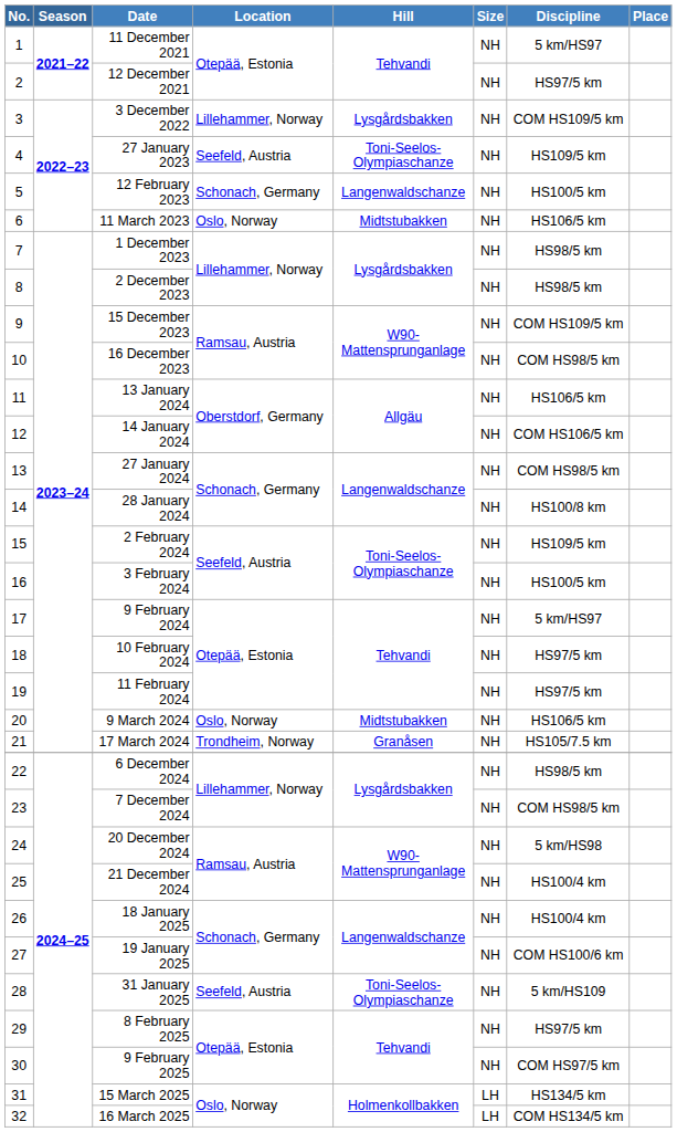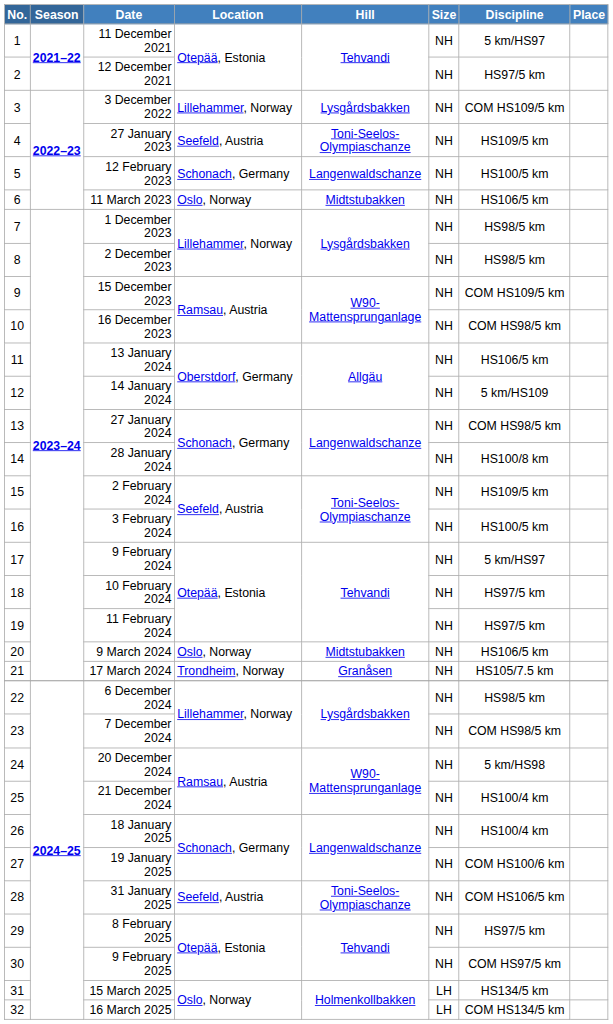 <table class="wikitable sortable" style="font-size:95%; text-align:center; border:grey solid 1px; border-collapse:collapse; background:#ffffff;">
 <tr style="background:#efefef;">
 <th style="background-color:#369; color:white;">No.</th>
 <th style="background-color:#369; color:white;">Season</th>
 <th style="background-color:#4180be; color:white; width:105px;">Date</th>
 <th style="background-color:#4180be; color:white; width:150px;">Location</th>
 <th style="background-color:#4180be; color:white; width:150px;">Hill</th>
 <th style="background-color:#4180be; color:white;">Size</th>
 <th style="background-color:#4180be; color:white; width:130px;">Discipline</th>
 <th style="background-color:#4180be; color:white;">Place</th>
 </tr>
 <tr>
 <td align=center>1</td>
 <td align=center rowspan="2"><strong><a href='#'>2021–22</a></strong></td>
 <td align=right>11 December 2021</td>
 <td align=left rowspan="2"> <a href='#'>Otepää</a>, Estonia</td>
 <td rowspan="2"><a href='#'>Tehvandi</a></td>
 <td>NH</td>
 <td>5 km/HS97</td>
 <td></td>
 </tr>
 <tr>
 <td align=center>2</td>
 <td align=right>12 December 2021</td>
 <td>NH</td>
 <td>HS97/5 km</td>
 <td></td>
 </tr>
 <tr>
 <td align=center>3</td>
 <td align=center rowspan="4"><strong><a href='#'>2022–23</a></strong></td>
 <td align=right>3 December 2022</td>
 <td align=left> <a href='#'>Lillehammer</a>, Norway</td>
 <td><a href='#'>Lysgårdsbakken</a></td>
 <td>NH</td>
 <td>COM HS109/5 km</td>
 <td></td>
 </tr>
 <tr>
 <td align=center>4</td>
 <td align=right>27 January 2023</td>
 <td align=left> <a href='#'>Seefeld</a>, Austria</td>
 <td><a href='#'>Toni-Seelos-Olympiaschanze</a></td>
 <td>NH</td>
 <td>HS109/5 km</td>
 <td></td>
 </tr>
 <tr>
 <td align=center>5</td>
 <td align=right>12 February 2023</td>
 <td align=left> <a href='#'>Schonach</a>, Germany</td>
 <td><a href='#'>Langenwaldschanze</a></td>
 <td>NH</td>
 <td>HS100/5 km</td>
 <td></td>
 </tr>
 <tr>
 <td align=center>6</td>
 <td align=right>11 March 2023</td>
 <td align=left> <a href='#'>Oslo</a>, Norway</td>
 <td><a href='#'>Midtstubakken</a></td>
 <td>NH</td>
 <td>HS106/5 km</td>
 <td></td>
 </tr>
 <tr>
 <td align=center>7</td>
 <td align=center rowspan="15"><strong><a href='#'>2023–24</a></strong></td>
 <td align=right>1 December 2023</td>
 <td align=left rowspan="2"> <a href='#'>Lillehammer</a>, Norway</td>
 <td rowspan="2"><a href='#'>Lysgårdsbakken</a></td>
 <td>NH</td>
 <td>HS98/5 km</td>
 <td></td>
 </tr>
 <tr>
 <td align=center>8</td>
 <td align=right>2 December 2023</td>
 <td>NH</td>
 <td>HS98/5 km</td>
 <td></td>
 </tr>
 <tr>
 <td align=center>9</td>
 <td align=right>15 December 2023</td>
 <td align=left rowspan="2"> <a href='#'>Ramsau</a>, Austria</td>
 <td rowspan="2"><a href='#'>W90-Mattensprunganlage</a></td>
 <td>NH</td>
 <td>COM HS109/5 km</td>
 <td></td>
 </tr>
 <tr>
 <td align=center>10</td>
 <td align=right>16 December 2023</td>
 <td>NH</td>
 <td>COM HS98/5 km</td>
 <td></td>
 </tr>
 <tr>
 <td align=center>11</td>
 <td align=right>13 January 2024</td>
 <td align=left rowspan="2"> <a href='#'>Oberstdorf</a>, Germany</td>
 <td rowspan="2"><a href='#'>Allgäu</a></td>
 <td>NH</td>
 <td>HS106/5 km</td>
 <td></td>
 </tr>
 <tr>
 <td align=center>12</td>
 <td align=right>14 January 2024</td>
 <td>NH</td>
-<td>COM HS106/5 km</td>
+<td>5 km/HS109</td>
 <td></td>
 </tr>
 <tr>
 <td align=center>13</td>
 <td align=right>27 January 2024</td>
 <td align=left rowspan="2"> <a href='#'>Schonach</a>, Germany</td>
 <td rowspan="2"><a href='#'>Langenwaldschanze</a></td>
 <td>NH</td>
 <td>COM HS98/5 km</td>
 <td></td>
 </tr>
 <tr>
 <td align=center>14</td>
 <td align=right>28 January 2024</td>
 <td>NH</td>
 <td>HS100/8 km</td>
 <td></td>
 </tr>
 <tr>
 <td align=center>15</td>
 <td align=right>2 February 2024</td>
 <td align=left rowspan="2"> <a href='#'>Seefeld</a>, Austria</td>
 <td rowspan="2"><a href='#'>Toni-Seelos-Olympiaschanze</a></td>
 <td>NH</td>
 <td>HS109/5 km</td>
 <td></td>
 </tr>
 <tr>
 <td align=center>16</td>
 <td align=right>3 February 2024</td>
 <td>NH</td>
 <td>HS100/5 km</td>
 <td></td>
 </tr>
 <tr>
 <td align=center>17</td>
 <td align=right>9 February 2024</td>
 <td align=left rowspan="3"> <a href='#'>Otepää</a>, Estonia</td>
 <td rowspan="3"><a href='#'>Tehvandi</a></td>
 <td>NH</td>
 <td>5 km/HS97</td>
 <td></td>
 </tr>
 <tr>
 <td align=center>18</td>
 <td align=right>10 February 2024</td>
 <td>NH</td>
 <td>HS97/5 km</td>
 <td></td>
 </tr>
 <tr>
 <td align=center>19</td>
 <td align=right>11 February 2024</td>
 <td>NH</td>
 <td>HS97/5 km</td>
 <td></td>
 </tr>
 <tr>
 <td align=center>20</td>
 <td align=right>9 March 2024</td>
 <td align=left> <a href='#'>Oslo</a>, Norway</td>
 <td><a href='#'>Midtstubakken</a></td>
 <td>NH</td>
 <td>HS106/5 km</td>
 <td></td>
 </tr>
 <tr>
 <td align=center>21</td>
 <td align=right>17 March 2024</td>
 <td align=left> <a href='#'>Trondheim</a>, Norway</td>
 <td><a href='#'>Granåsen</a></td>
 <td>NH</td>
 <td>HS105/7.5 km</td>
 <td></td>
 </tr>
 <tr>
 </tr>
 <tr>
 <td align=center>22</td>
 <td align=center rowspan="11"><strong><a href='#'>2024–25</a></strong></td>
 <td align=right>6 December 2024</td>
 <td align=left rowspan="2"> <a href='#'>Lillehammer</a>, Norway</td>
 <td rowspan="2"><a href='#'>Lysgårdsbakken</a></td>
 <td>NH</td>
 <td>HS98/5 km</td>
 <td></td>
 </tr>
 <tr>
 <td align=center>23</td>
 <td align=right>7 December 2024</td>
 <td>NH</td>
 <td>COM HS98/5 km</td>
 <td></td>
 </tr>
 <tr>
 <td align=center>24</td>
 <td align=right>20 December 2024</td>
 <td align=left rowspan="2"> <a href='#'>Ramsau</a>, Austria</td>
 <td rowspan="2"><a href='#'>W90-Mattensprunganlage</a></td>
 <td>NH</td>
 <td>5 km/HS98</td>
 <td></td>
 </tr>
 <tr>
 <td align=center>25</td>
 <td align=right>21 December 2024</td>
 <td>NH</td>
 <td>HS100/4 km</td>
 <td></td>
 </tr>
 <tr>
 <td align=center>26</td>
 <td align=right>18 January 2025</td>
 <td align=left rowspan="2"> <a href='#'>Schonach</a>, Germany</td>
 <td rowspan="2"><a href='#'>Langenwaldschanze</a></td>
 <td>NH</td>
 <td>HS100/4 km</td>
 <td></td>
 </tr>
 <tr>
 <td align=center>27</td>
 <td align=right>19 January 2025</td>
 <td>NH</td>
 <td>COM HS100/6 km</td>
 <td></td>
 </tr>
 <tr>
 <td align=center>28</td>
 <td align=right>31 January 2025</td>
 <td align=left> <a href='#'>Seefeld</a>, Austria</td>
 <td><a href='#'>Toni-Seelos-Olympiaschanze</a></td>
 <td>NH</td>
-<td>5 km/HS109</td>
+<td>COM HS106/5 km</td>
 <td></td>
 </tr>
 <tr>
 <td align=center>29</td>
 <td align=right>8 February 2025</td>
 <td align=left rowspan="2"> <a href='#'>Otepää</a>, Estonia</td>
 <td rowspan="2"><a href='#'>Tehvandi</a></td>
 <td>NH</td>
 <td>HS97/5 km</td>
 <td></td>
 </tr>
 <tr>
 <td align=center>30</td>
 <td align=right>9 February 2025</td>
 <td>NH</td>
 <td>COM HS97/5 km</td>
 <td></td>
 </tr>
 <tr>
 <td align=center>31</td>
 <td align=right>15 March 2025</td>
 <td align=left rowspan="2"> <a href='#'>Oslo</a>, Norway</td>
 <td rowspan="2"><a href='#'>Holmenkollbakken</a></td>
 <td>LH</td>
 <td>HS134/5 km</td>
 <td></td>
 </tr>
 <tr>
 <td align=center>32</td>
 <td align=right>16 March 2025</td>
 <td>LH</td>
 <td>COM HS134/5 km</td>
 <td></td>
 </tr>
 </table>
